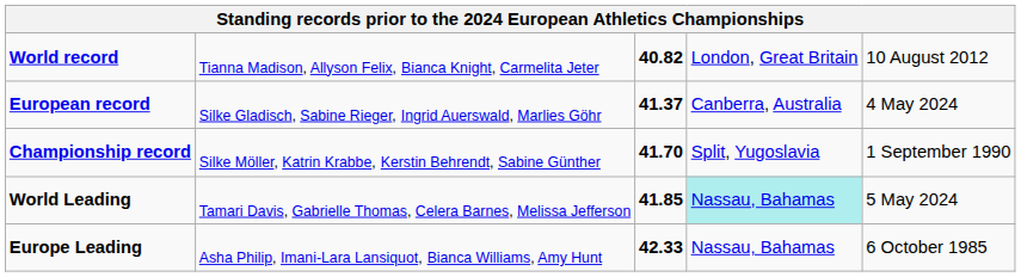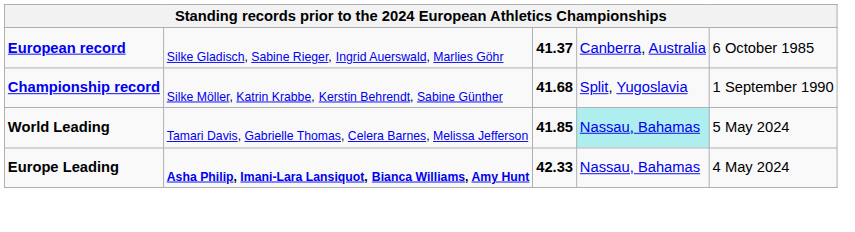 <table class="wikitable">
 <tr>
 <th colspan="5">Standing records prior to the 2024 European Athletics Championships</th>
-</tr>
-<tr>
-<td><strong><a href='#'>World record</a></strong></td>
-<td><br><small><a href='#'>Tianna Madison</a>, <a href='#'>Allyson Felix</a>,</small>  <small><a href='#'>Bianca Knight</a>, <a href='#'>Carmelita Jeter</a></small></td>
-<td><strong>40.82</strong></td>
-<td><a href='#'>London</a>, <a href='#'>Great Britain</a></td>
-<td>10 August 2012</td>
 </tr>
 <tr>
 <td><strong><a href='#'>European record</a></strong></td>
 <td><br><small><a href='#'>Silke Gladisch</a>, <a href='#'>Sabine Rieger</a>,</small>  <small><a href='#'>Ingrid Auerswald</a>, <a href='#'>Marlies Göhr</a></small></td>
 <td><strong>41.37</strong></td>
 <td><a href='#'>Canberra</a>, <a href='#'>Australia</a></td>
-<td>4 May 2024</td>
+<td>6 October 1985</td>
 </tr>
 <tr>
 <td><strong><a href='#'>Championship record</a></strong></td>
 <td><br><small><a href='#'>Silke Möller</a>, <a href='#'>Katrin Krabbe</a>,</small>  <small><a href='#'>Kerstin Behrendt</a>, <a href='#'>Sabine Günther</a></small></td>
-<td><strong>41.70</strong></td>
+<td><strong>41.68</strong></td>
 <td><a href='#'>Split</a>, <a href='#'>Yugoslavia</a></td>
 <td>1 September 1990</td>
 </tr>
 <tr>
 <td><strong>World Leading</strong></td>
 <td><br><small><a href='#'>Tamari Davis</a>, <a href='#'>Gabrielle Thomas</a>, <a href='#'>Celera Barnes</a>, <a href='#'>Melissa Jefferson</a></small></td>
 <td><strong>41.85</strong></td>
 <td style="background: paleturquoise;"><a href='#'>Nassau, Bahamas</a></td>
 <td>5 May 2024</td>
 </tr>
 <tr>
 <td><strong>Europe Leading</strong></td>
-<td><br><small><a href='#'>Asha Philip</a>, <a href='#'>Imani-Lara Lansiquot</a>,</small> <small><a href='#'>Bianca Williams</a>, <a href='#'>Amy Hunt</a></small></td>
+<td><strong><br><small><a href='#'>Asha Philip</a>, <a href='#'>Imani-Lara Lansiquot</a>,</small> <small><a href='#'>Bianca Williams</a>, <a href='#'>Amy Hunt</a></small></strong></td>
 <td><strong>42.33</strong></td>
 <td><a href='#'>Nassau, Bahamas</a></td>
-<td>6 October 1985</td>
+<td>4 May 2024</td>
 </tr>
 </table>
